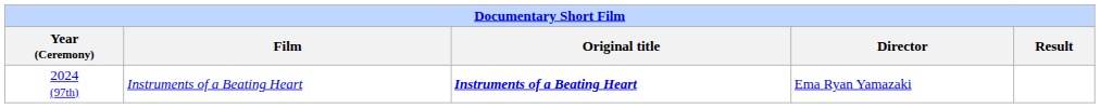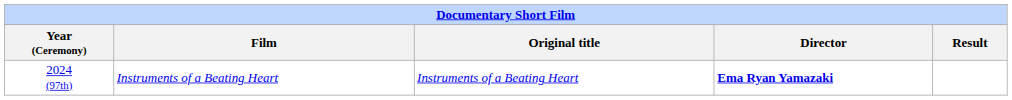 <table class="wikitable sortable" style="width:98%; background:#fff;">
 <tr style="background:#bfd7ff;">
 <td colspan="6" style="text-align:center;"><strong><a href='#'>Documentary Short Film</a></strong></td>
 </tr>
 <tr>
 <th>Year<br><small>(Ceremony)</small></th>
 <th>Film</th>
 <th>Original title</th>
 <th>Director</th>
 <th>Result</th>
 </tr>
 <tr>
 <td style="text-align:center;"><a href='#'>2024</a><br><small><a href='#'>(97th)</a></small></td>
 <td><em><a href='#'>Instruments of a Beating Heart</a></em></td>
-<td><strong><em><a href='#'>Instruments of a Beating Heart</a></em></strong></td>
-<td><a href='#'>Ema Ryan Yamazaki</a></td>
+<td><em><a href='#'>Instruments of a Beating Heart</a></em></td>
+<td><strong><a href='#'>Ema Ryan Yamazaki</a></strong></td>
 <td></td>
 </tr>
 </table>
